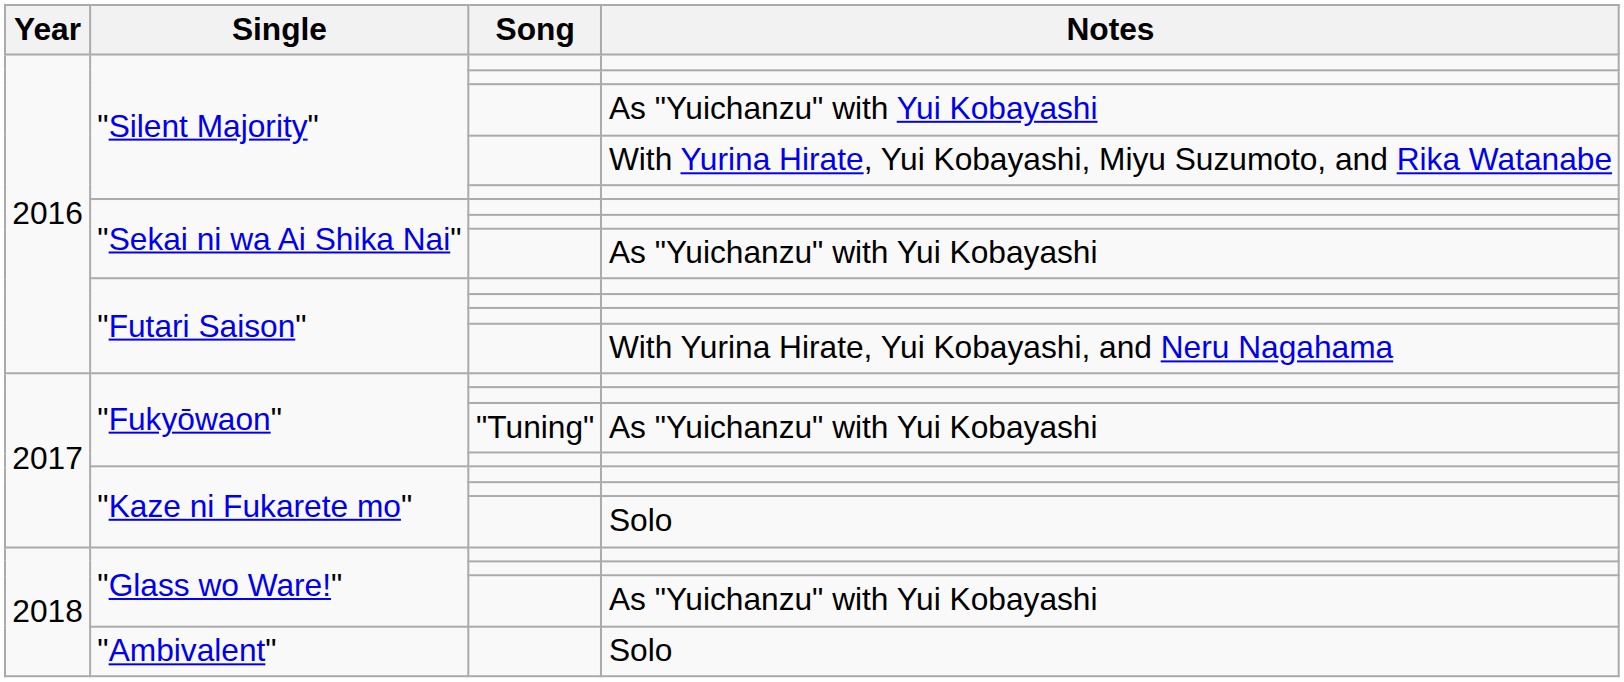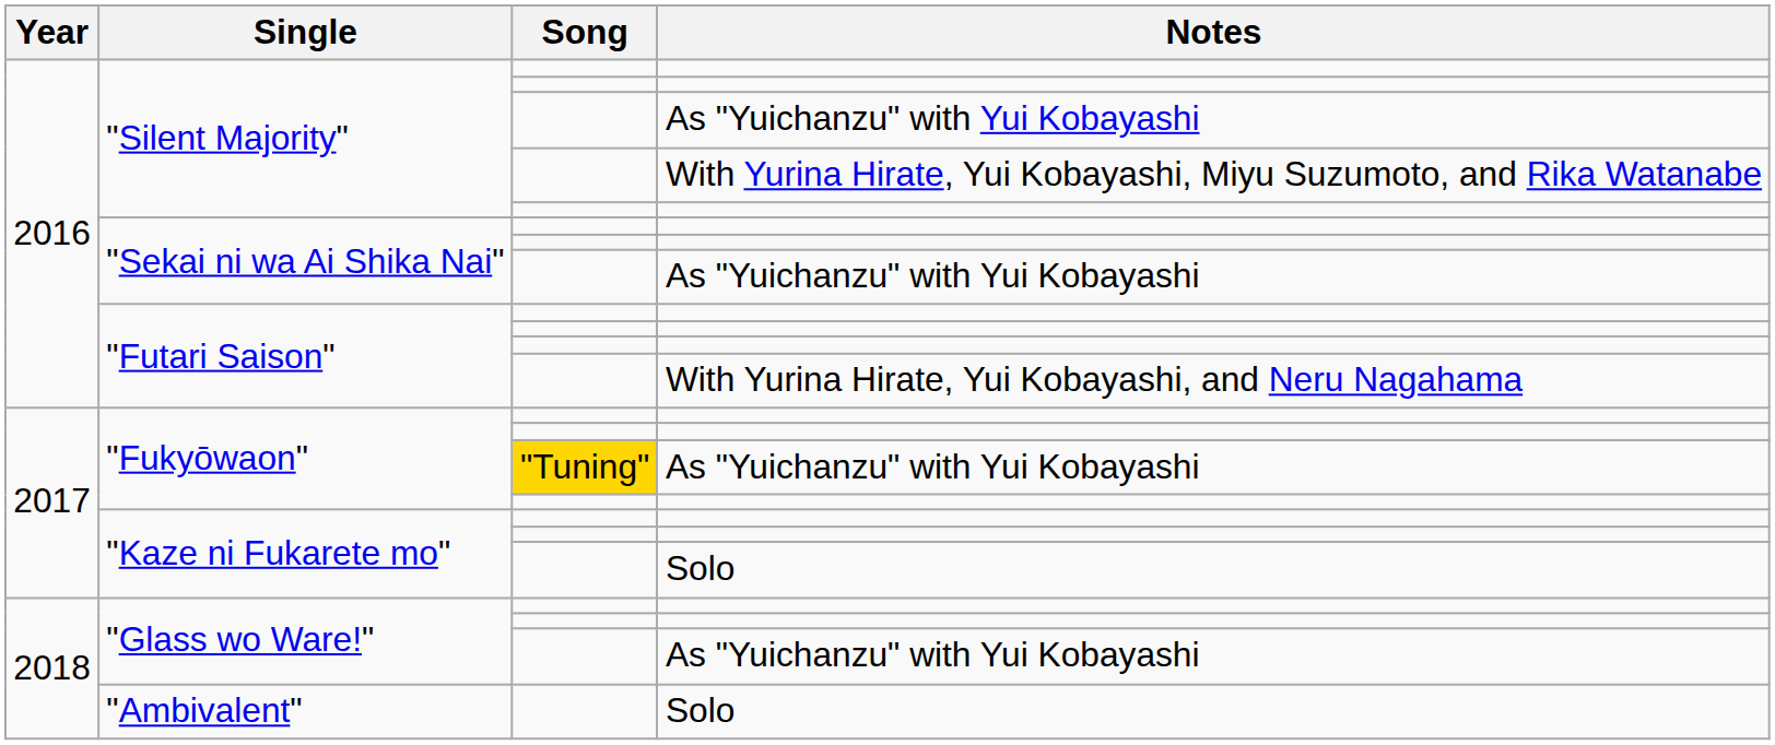 <table class="wikitable">
 <tr>
 <th>Year</th>
 <th>Single</th>
 <th>Song</th>
 <th>Notes</th>
 </tr>
 <tr>
 <td rowspan="12">2016</td>
 <td rowspan="5">"<a href='#'>Silent Majority</a>"</td>
 <td></td>
 <td></td>
 </tr>
 <tr>
 <td></td>
 <td></td>
 </tr>
 <tr>
 <td></td>
 <td>As "Yuichanzu" with <a href='#'>Yui Kobayashi</a></td>
 </tr>
 <tr>
 <td></td>
 <td>With <a href='#'>Yurina Hirate</a>, Yui Kobayashi, Miyu Suzumoto, and <a href='#'>Rika Watanabe</a></td>
 </tr>
 <tr>
 <td></td>
 <td></td>
 </tr>
 <tr>
 <td rowspan="3">"<a href='#'>Sekai ni wa Ai Shika Nai</a>"</td>
 <td></td>
 <td></td>
 </tr>
 <tr>
 <td></td>
 <td></td>
 </tr>
 <tr>
 <td></td>
 <td>As "Yuichanzu" with Yui Kobayashi</td>
 </tr>
 <tr>
 <td rowspan="4">"<a href='#'>Futari Saison</a>"</td>
 <td></td>
 <td></td>
 </tr>
 <tr>
 <td></td>
 <td></td>
 </tr>
 <tr>
 <td></td>
 <td></td>
 </tr>
 <tr>
 <td></td>
 <td>With Yurina Hirate, Yui Kobayashi, and <a href='#'>Neru Nagahama</a></td>
 </tr>
 <tr>
 <td rowspan="7">2017</td>
 <td rowspan="4">"<a href='#'>Fukyōwaon</a>"</td>
 <td></td>
 <td></td>
 </tr>
 <tr>
 <td></td>
 <td></td>
 </tr>
 <tr>
-<td>"Tuning"</td>
+<td style="background: gold;">"Tuning"</td>
 <td>As "Yuichanzu" with Yui Kobayashi</td>
 </tr>
 <tr>
 <td></td>
 <td></td>
 </tr>
 <tr>
 <td rowspan="3">"<a href='#'>Kaze ni Fukarete mo</a>"</td>
 <td></td>
 <td></td>
 </tr>
 <tr>
 <td></td>
 <td></td>
 </tr>
 <tr>
 <td></td>
 <td>Solo</td>
 </tr>
 <tr>
 <td rowspan="4">2018</td>
 <td rowspan="3">"<a href='#'>Glass wo Ware!</a>"</td>
 <td></td>
 <td></td>
 </tr>
 <tr>
 <td></td>
 <td></td>
 </tr>
 <tr>
 <td></td>
 <td>As "Yuichanzu" with Yui Kobayashi</td>
 </tr>
 <tr>
 <td>"<a href='#'>Ambivalent</a>"</td>
 <td></td>
 <td>Solo</td>
 </tr>
 </table>
